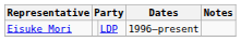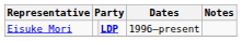 <table class=wikitable>
 <tr valign=bottom>
 <th>Representative</th>
 <th colspan="2">Party</th>
 <th>Dates</th>
 <th>Notes</th>
 </tr>
 <tr>
 <td><a href='#'>Eisuke Mori</a></td>
 <td bgcolor=></td>
-<td><a href='#'>LDP</a></td>
+<td><strong><a href='#'>LDP</a></strong></td>
 <td>1996–present</td>
 <td></td>
 </tr>
 <tr>
 </tr>
 </table>
